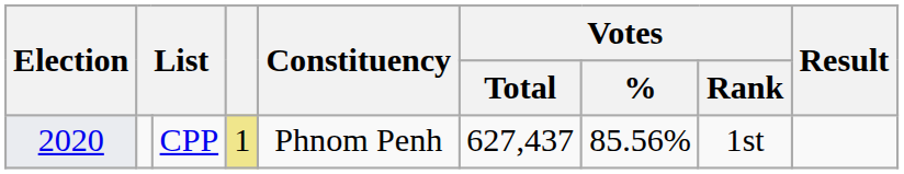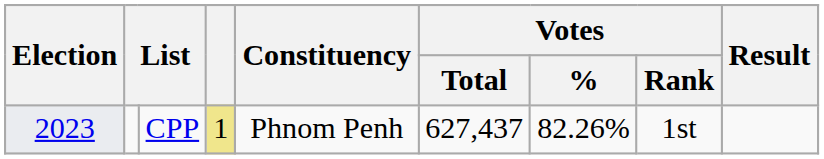 <table class="wikitable" style="font-size: 90%; text-align:center;">
 <tr>
 <th rowspan="2">Election</th>
 <th colspan="2" rowspan="2">List</th>
 <th rowspan="2"></th>
 <th rowspan="2">Constituency</th>
 <th colspan="3">Votes</th>
 <th rowspan="2">Result</th>
 </tr>
 <tr>
 <th>Total</th>
 <th>%</th>
 <th>Rank</th>
 </tr>
 <tr>
-<td style="background-color:#EAECF0;"><a href='#'>2020</a></td>
+<td style="background-color:#EAECF0;"><a href='#'>2023</a></td>
 <td style="background-color:"></td>
 <td><a href='#'>CPP</a></td>
 <td style="background: khaki;">1</td>
 <td>Phnom Penh</td>
 <td>627,437</td>
-<td>85.56%</td>
+<td>82.26%</td>
 <td>1st</td>
 <td></td>
 </tr>
 </table>
